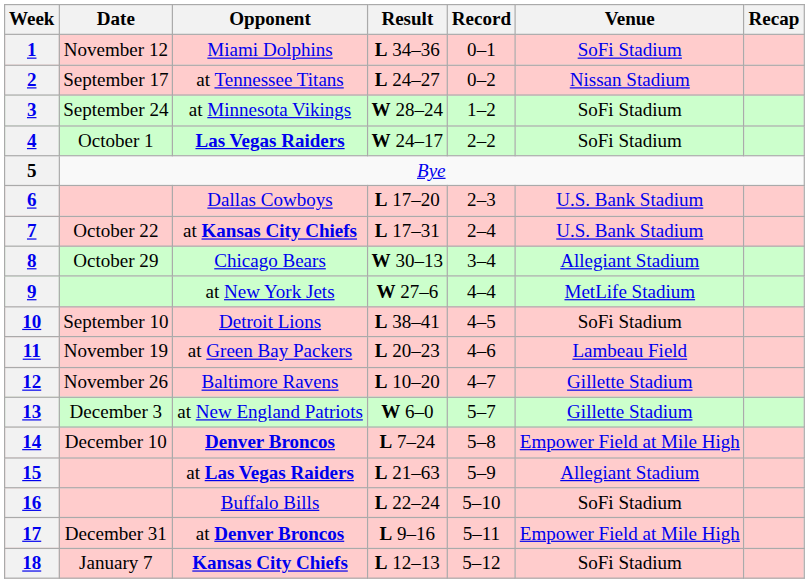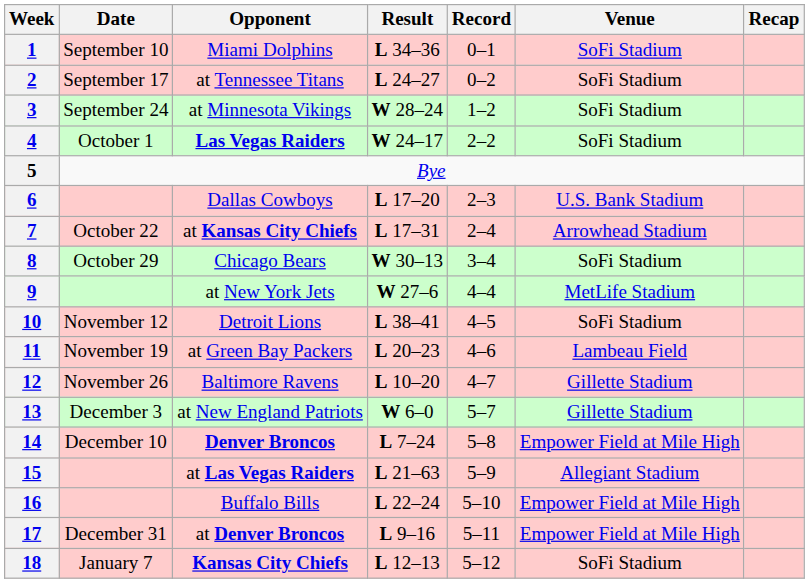 <table class="wikitable" style="text-align:center">
 <tr>
 <th>Week</th>
 <th>Date</th>
 <th>Opponent</th>
 <th>Result</th>
 <th>Record</th>
 <th>Venue</th>
 <th>Recap</th>
 </tr>
 <tr style="background:#fcc">
 <th><a href='#'>1</a></th>
-<td>November 12</td>
+<td>September 10</td>
 <td><a href='#'>Miami Dolphins</a></td>
 <td><strong>L</strong> 34–36</td>
 <td>0–1</td>
 <td><a href='#'>SoFi Stadium</a></td>
 <td></td>
 </tr>
 <tr style="background:#fcc">
 <th><a href='#'>2</a></th>
 <td>September 17</td>
 <td>at <a href='#'>Tennessee Titans</a></td>
 <td><strong>L</strong> 24–27 </td>
 <td>0–2</td>
-<td><a href='#'>Nissan Stadium</a></td>
+<td>SoFi Stadium</td>
 <td></td>
 </tr>
 <tr style="background:#cfc">
 <th><a href='#'>3</a></th>
 <td>September 24</td>
 <td>at <a href='#'>Minnesota Vikings</a></td>
 <td><strong>W</strong> 28–24</td>
 <td>1–2</td>
 <td>SoFi Stadium</td>
 <td></td>
 </tr>
 <tr style="background:#cfc">
 <th><a href='#'>4</a></th>
 <td>October 1</td>
 <td><strong><a href='#'>Las Vegas Raiders</a></strong></td>
 <td><strong>W</strong> 24–17</td>
 <td>2–2</td>
 <td>SoFi Stadium</td>
 <td></td>
 </tr>
 <tr>
 <th>5</th>
 <td colspan="6"><em><a href='#'>Bye</a></em></td>
 </tr>
 <tr style="background:#fcc">
 <th><a href='#'>6</a></th>
 <td></td>
 <td><a href='#'>Dallas Cowboys</a></td>
 <td><strong>L</strong> 17–20</td>
 <td>2–3</td>
 <td><a href='#'>U.S. Bank Stadium</a></td>
 <td></td>
 </tr>
 <tr style="background:#fcc">
 <th><a href='#'>7</a></th>
 <td>October 22</td>
 <td>at <strong><a href='#'>Kansas City Chiefs</a></strong></td>
 <td><strong>L</strong> 17–31</td>
 <td>2–4</td>
-<td><a href='#'>U.S. Bank Stadium</a></td>
+<td><a href='#'>Arrowhead Stadium</a></td>
 <td></td>
 </tr>
 <tr style="background:#cfc">
 <th><a href='#'>8</a></th>
 <td>October 29</td>
 <td><a href='#'>Chicago Bears</a></td>
 <td><strong>W</strong> 30–13</td>
 <td>3–4</td>
-<td><a href='#'>Allegiant Stadium</a></td>
+<td>SoFi Stadium</td>
 <td></td>
 </tr>
 <tr style="background:#cfc">
 <th><a href='#'>9</a></th>
 <td></td>
 <td>at <a href='#'>New York Jets</a></td>
 <td><strong>W</strong> 27–6</td>
 <td>4–4</td>
 <td><a href='#'>MetLife Stadium</a></td>
 <td></td>
 </tr>
 <tr style="background:#fcc">
 <th><a href='#'>10</a></th>
-<td>September 10</td>
+<td>November 12</td>
 <td><a href='#'>Detroit Lions</a></td>
 <td><strong>L</strong> 38–41</td>
 <td>4–5</td>
 <td>SoFi Stadium</td>
 <td></td>
 </tr>
 <tr style="background:#fcc">
 <th><a href='#'>11</a></th>
 <td>November 19</td>
 <td>at <a href='#'>Green Bay Packers</a></td>
 <td><strong>L</strong> 20–23</td>
 <td>4–6</td>
 <td><a href='#'>Lambeau Field</a></td>
 <td></td>
 </tr>
 <tr style="background:#fcc">
 <th><a href='#'>12</a></th>
 <td>November 26</td>
 <td><a href='#'>Baltimore Ravens</a></td>
 <td><strong>L</strong> 10–20</td>
 <td>4–7</td>
 <td><a href='#'>Gillette Stadium</a></td>
 <td></td>
 </tr>
 <tr style="background:#cfc">
 <th><a href='#'>13</a></th>
 <td>December 3</td>
 <td>at <a href='#'>New England Patriots</a></td>
 <td><strong>W</strong> 6–0</td>
 <td>5–7</td>
 <td><a href='#'>Gillette Stadium</a></td>
 <td></td>
 </tr>
 <tr style="background:#fcc">
 <th><a href='#'>14</a></th>
 <td>December 10</td>
 <td><strong><a href='#'>Denver Broncos</a></strong></td>
 <td><strong>L</strong> 7–24</td>
 <td>5–8</td>
 <td><a href='#'>Empower Field at Mile High</a></td>
 <td></td>
 </tr>
 <tr style="background:#fcc">
 <th><a href='#'>15</a></th>
 <td></td>
 <td>at <strong><a href='#'>Las Vegas Raiders</a></strong></td>
 <td><strong>L</strong> 21–63</td>
 <td>5–9</td>
 <td><a href='#'>Allegiant Stadium</a></td>
 <td></td>
 </tr>
 <tr style="background:#fcc">
 <th><a href='#'>16</a></th>
 <td></td>
 <td><a href='#'>Buffalo Bills</a></td>
 <td><strong>L</strong> 22–24</td>
 <td>5–10</td>
-<td>SoFi Stadium</td>
+<td><a href='#'>Empower Field at Mile High</a></td>
 <td></td>
 </tr>
 <tr style="background:#fcc">
 <th><a href='#'>17</a></th>
 <td>December 31</td>
 <td>at <strong><a href='#'>Denver Broncos</a></strong></td>
 <td><strong>L</strong> 9–16</td>
 <td>5–11</td>
 <td><a href='#'>Empower Field at Mile High</a></td>
 <td></td>
 </tr>
 <tr style="background:#fcc">
 <th><a href='#'>18</a></th>
 <td>January 7</td>
 <td><strong><a href='#'>Kansas City Chiefs</a></strong></td>
 <td><strong>L</strong> 12–13</td>
 <td>5–12</td>
 <td>SoFi Stadium</td>
 <td></td>
 </tr>
 </table>
